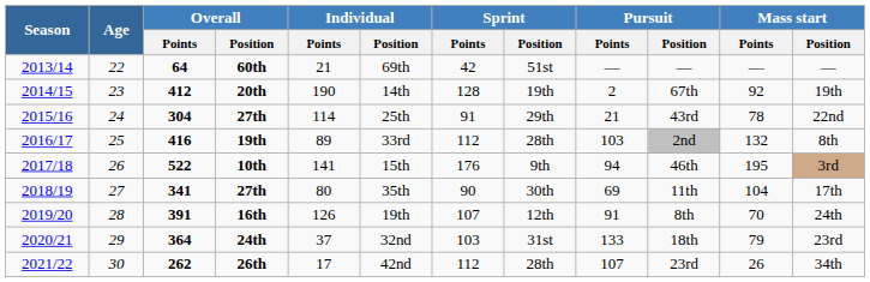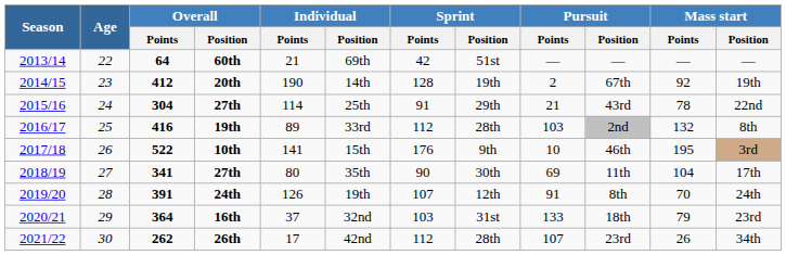 <table class="wikitable" style="text-align:center;" width="70%">
 <tr class="hintergrundfarbe5">
 </tr>
 <tr style="background:#efefef;">
 <th rowspan="2" style="background-color:#369; color:white; width:65px">Season</th>
 <th rowspan="2" style="background-color:#369; color:white; width:40px">Age</th>
 <th colspan="2" style="background-color:#4180be; color:white; width:116px;">Overall</th>
 <th colspan="2" style="background-color:#4180be; color:white; width:116px;">Individual</th>
 <th colspan="2" style="background-color:#4180be; color:white; width:116px;">Sprint</th>
 <th colspan="2" style="background-color:#4180be; color:white; width:116px;">Pursuit</th>
 <th colspan="2" style="background-color:#4180be; color:white; width:116px;">Mass start</th>
 </tr>
 <tr class="hintergrundfarbe5">
 <th style="width:55px;"><small>Points</small></th>
 <th style="width:55px;"><small>Position</small></th>
 <th style="width:55px;"><small>Points</small></th>
 <th style="width:55px;"><small>Position</small></th>
 <th style="width:55px;"><small>Points</small></th>
 <th style="width:55px;"><small>Position</small></th>
 <th style="width:55px;"><small>Points</small></th>
 <th style="width:55px;"><small>Position</small></th>
 <th style="width:55px;"><small>Points</small></th>
 <th style="width:55px;"><small>Position</small></th>
 </tr>
 <tr>
 <td><a href='#'>2013/14</a></td>
 <td><em>22</em></td>
 <td><strong>64</strong></td>
 <td><strong>60th</strong></td>
 <td>21</td>
 <td>69th</td>
 <td>42</td>
 <td>51st</td>
 <td>—</td>
 <td>—</td>
 <td>—</td>
 <td>—</td>
 </tr>
 <tr>
 <td><a href='#'>2014/15</a></td>
 <td><em>23</em></td>
 <td><strong>412</strong></td>
 <td><strong>20th</strong></td>
 <td>190</td>
 <td>14th</td>
 <td>128</td>
 <td>19th</td>
 <td>2</td>
 <td>67th</td>
 <td>92</td>
 <td>19th</td>
 </tr>
 <tr>
 <td><a href='#'>2015/16</a></td>
 <td><em>24</em></td>
 <td><strong>304</strong></td>
 <td><strong>27th</strong></td>
 <td>114</td>
 <td>25th</td>
 <td>91</td>
 <td>29th</td>
 <td>21</td>
 <td>43rd</td>
 <td>78</td>
 <td>22nd</td>
 </tr>
 <tr>
 <td><a href='#'>2016/17</a></td>
 <td><em>25</em></td>
 <td><strong>416</strong></td>
 <td><strong>19th</strong></td>
 <td>89</td>
 <td>33rd</td>
 <td>112</td>
 <td>28th</td>
 <td>103</td>
 <td style="background:silver;">2nd</td>
 <td>132</td>
 <td>8th</td>
 </tr>
 <tr>
 <td><a href='#'>2017/18</a></td>
 <td><em>26</em></td>
 <td><strong>522</strong></td>
 <td><strong>10th</strong></td>
 <td>141</td>
 <td>15th</td>
 <td>176</td>
 <td>9th</td>
-<td>94</td>
+<td>10</td>
 <td>46th</td>
 <td>195</td>
 <td style="background:#cfaa88;">3rd</td>
 </tr>
 <tr>
 <td><a href='#'>2018/19</a></td>
 <td><em>27</em></td>
 <td><strong>341</strong></td>
 <td><strong>27th</strong></td>
 <td>80</td>
 <td>35th</td>
 <td>90</td>
 <td>30th</td>
 <td>69</td>
 <td>11th</td>
 <td>104</td>
 <td>17th</td>
 </tr>
 <tr>
 <td><a href='#'>2019/20</a></td>
 <td><em>28</em></td>
 <td><strong>391</strong></td>
-<td><strong>16th</strong></td>
+<td><strong>24th</strong></td>
 <td>126</td>
 <td>19th</td>
 <td>107</td>
 <td>12th</td>
 <td>91</td>
 <td>8th</td>
 <td>70</td>
 <td>24th</td>
 </tr>
 <tr>
 <td><a href='#'>2020/21</a></td>
 <td><em>29</em></td>
 <td><strong>364</strong></td>
-<td><strong>24th</strong></td>
+<td><strong>16th</strong></td>
 <td>37</td>
 <td>32nd</td>
 <td>103</td>
 <td>31st</td>
 <td>133</td>
 <td>18th</td>
 <td>79</td>
 <td>23rd</td>
 </tr>
 <tr>
 <td><a href='#'>2021/22</a></td>
 <td><em>30</em></td>
 <td><strong>262</strong></td>
 <td><strong>26th</strong></td>
 <td>17</td>
 <td>42nd</td>
 <td>112</td>
 <td>28th</td>
 <td>107</td>
 <td>23rd</td>
 <td>26</td>
 <td>34th</td>
 </tr>
 </table>
